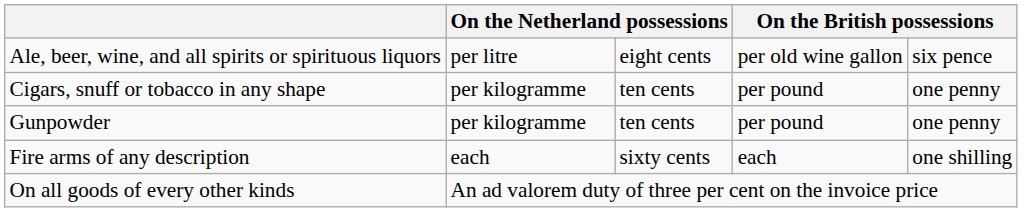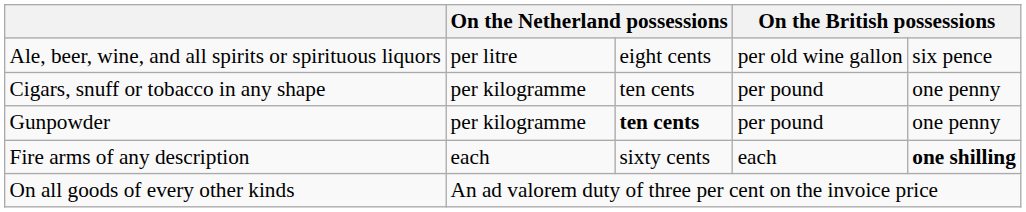 <table class="wikitable">
 <tr>
 <th></th>
 <th colspan=2>On the Netherland possessions</th>
 <th colspan=2>On the British possessions</th>
 </tr>
 <tr>
 <td>Ale, beer, wine, and all spirits or spirituous liquors</td>
 <td>per litre</td>
 <td>eight cents</td>
 <td>per old wine gallon</td>
 <td>six pence</td>
 </tr>
 <tr>
 <td>Cigars, snuff or tobacco in any shape</td>
 <td>per kilogramme</td>
 <td>ten cents</td>
 <td>per pound</td>
 <td>one penny</td>
 </tr>
 <tr>
 <td>Gunpowder</td>
 <td>per kilogramme</td>
-<td>ten cents</td>
+<td><strong>ten cents</strong></td>
 <td>per pound</td>
 <td>one penny</td>
 </tr>
 <tr>
 <td>Fire arms of any description</td>
 <td>each</td>
 <td>sixty cents</td>
 <td>each</td>
-<td>one shilling</td>
+<td><strong>one shilling</strong></td>
 </tr>
 <tr>
 <td>On all goods of every other kinds</td>
 <td colspan=4>An ad valorem duty of three per cent on the invoice price</td>
 </tr>
 </table>
